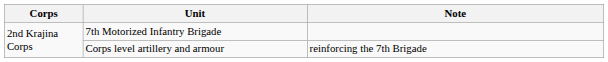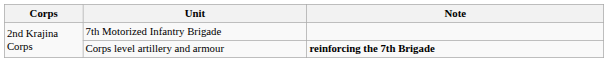 <table class="plainrowheaders wikitable collapsible collapsed" style="cellspacing=2px; text-align:left; font-size:90%;" width=800px>
 <tr style="font-size:100%; text-align:right;">
 <th style="width:100px;" scope="col">Corps</th>
 <th style="width:300px;" scope="col">Unit</th>
 <th style="width:400px;" scope="col">Note</th>
 </tr>
 <tr>
 <td rowspan=2>2nd Krajina Corps</td>
 <td>7th Motorized Infantry Brigade</td>
 <td></td>
 </tr>
 <tr>
 <td>Corps level artillery and armour</td>
-<td>reinforcing the 7th Brigade</td>
+<td><strong>reinforcing the 7th Brigade</strong></td>
 </tr>
 </table>
